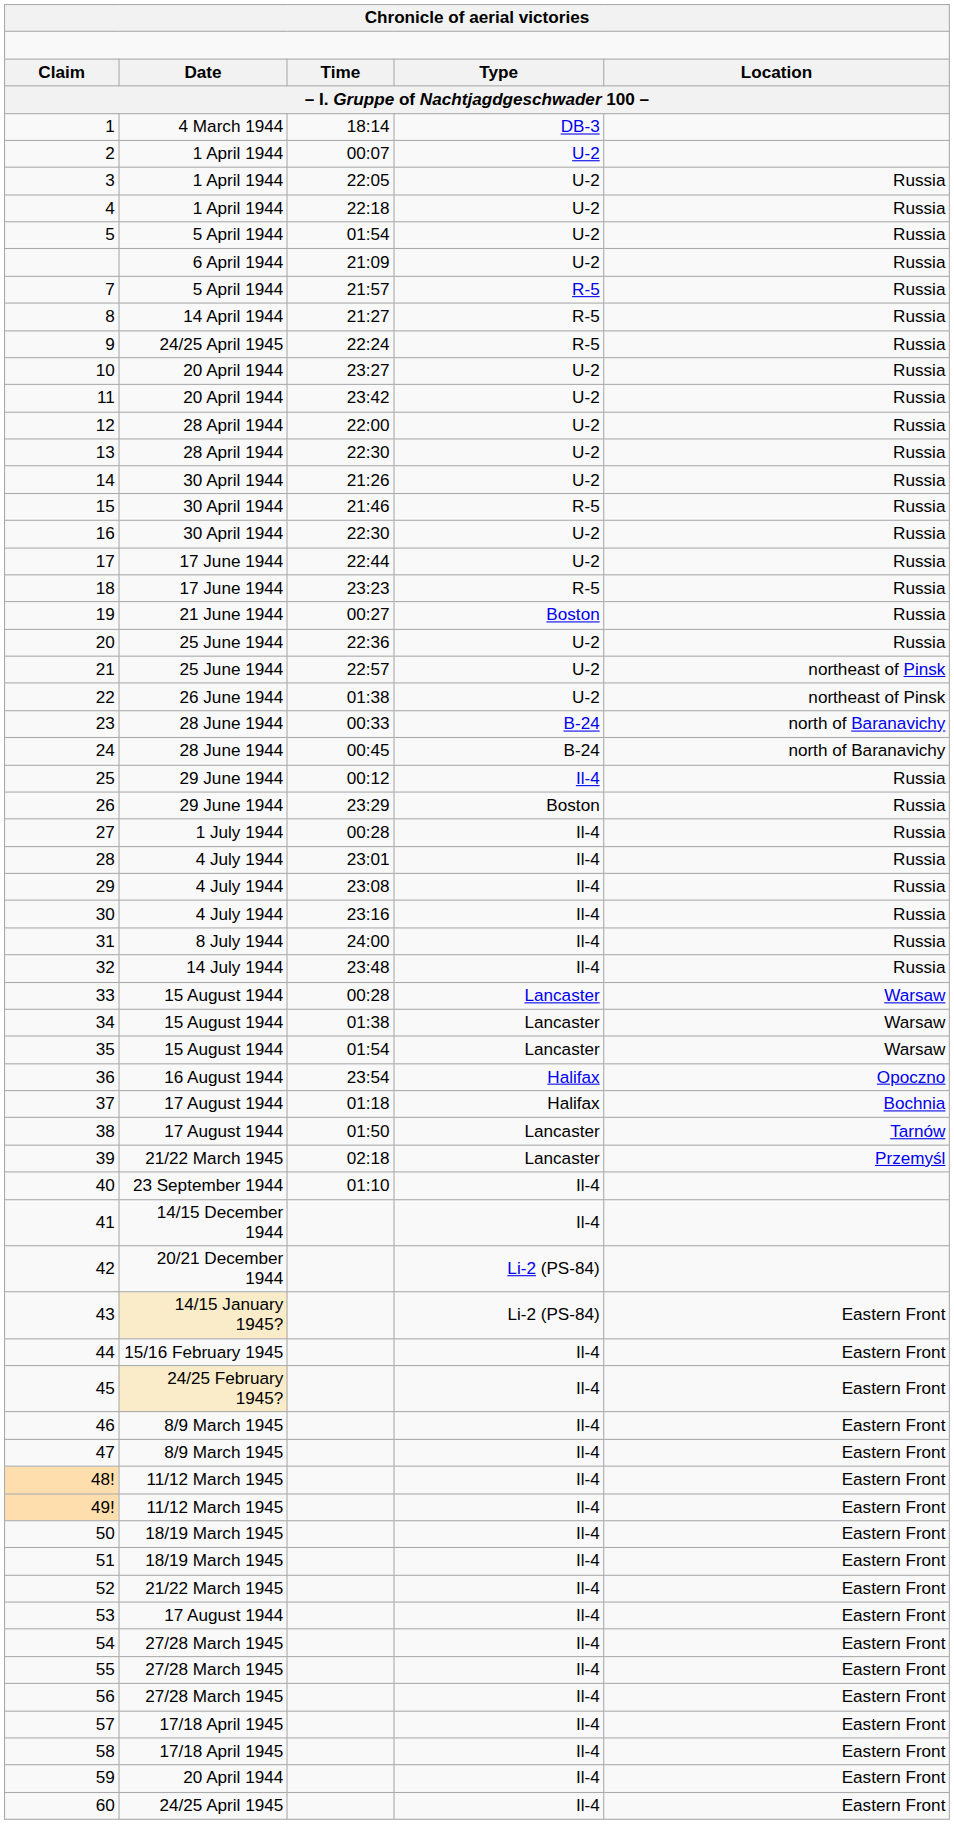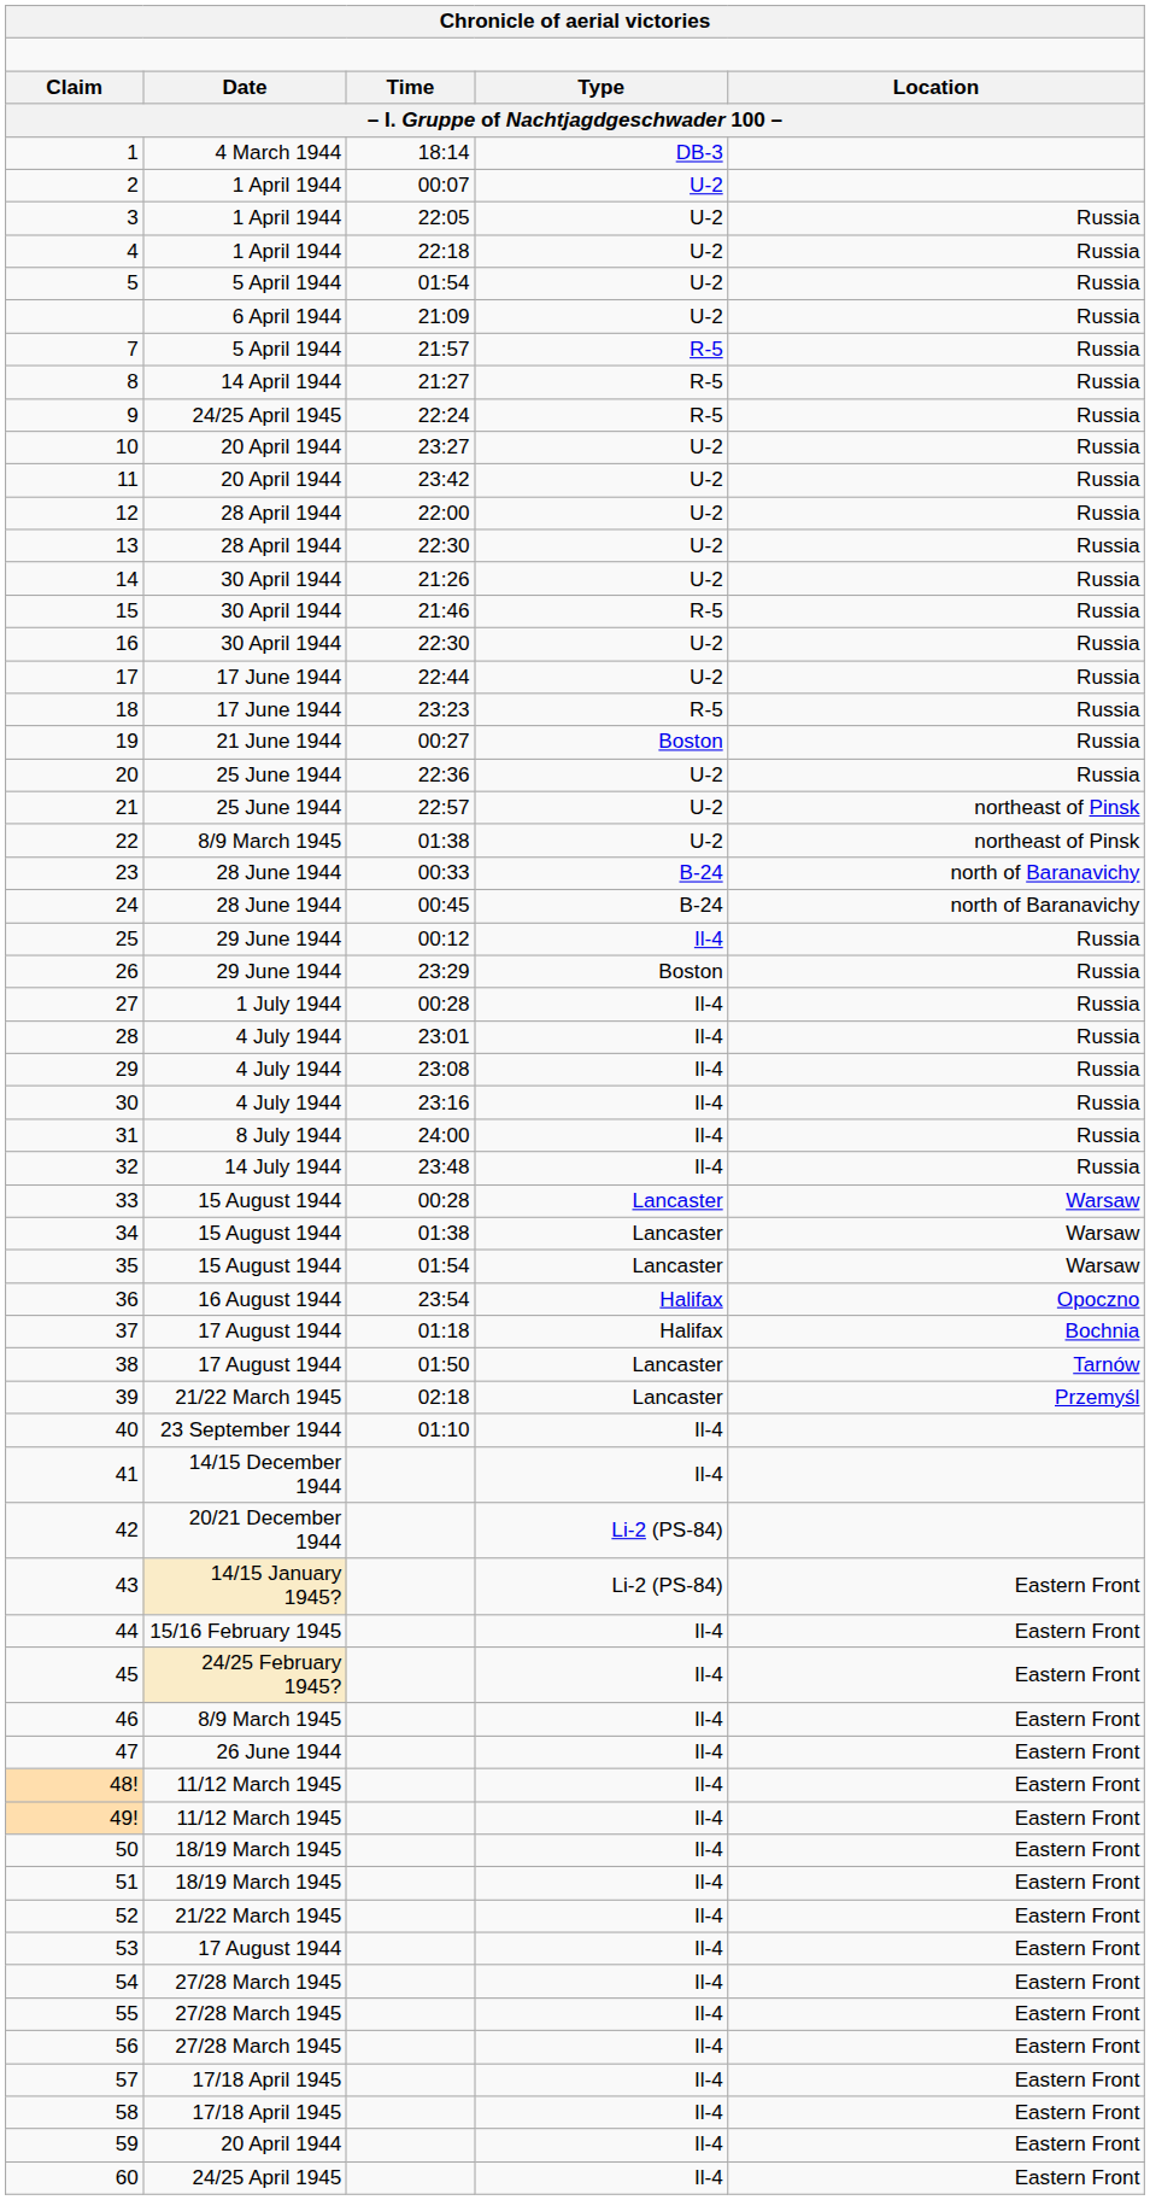 <table class="wikitable plainrowheaders collapsible" style="margin-left: auto; margin-right: auto; border: none; text-align:right; width: 100%;">
 <tr>
 <th colspan="5">Chronicle of aerial victories</th>
 </tr>
 <tr>
 <td colspan="5" style="text-align: left;"><br> </td>
 </tr>
 <tr>
 <th scope="col">Claim</th>
 <th scope="col" style="width:150px">Date</th>
 <th scope="col">Time</th>
 <th scope="col">Type</th>
 <th scope="col">Location</th>
 </tr>
 <tr>
 <th colspan="5">– I. <em>Gruppe</em> of <em>Nachtjagdgeschwader</em> 100 –</th>
 </tr>
 <tr>
 <td>1</td>
 <td>4 March 1944</td>
 <td>18:14</td>
 <td><a href='#'>DB-3</a></td>
 <td></td>
 </tr>
 <tr>
 <td>2</td>
 <td>1 April 1944</td>
 <td>00:07</td>
 <td><a href='#'>U-2</a></td>
 <td></td>
 </tr>
 <tr>
 <td>3</td>
 <td>1 April 1944</td>
 <td>22:05</td>
 <td>U-2</td>
 <td>Russia</td>
 </tr>
 <tr>
 <td>4</td>
 <td>1 April 1944</td>
 <td>22:18</td>
 <td>U-2</td>
 <td>Russia</td>
 </tr>
 <tr>
 <td>5</td>
 <td>5 April 1944</td>
 <td>01:54</td>
 <td>U-2</td>
 <td>Russia</td>
 </tr>
 <tr>
 <td></td>
 <td>6 April 1944</td>
 <td>21:09</td>
 <td>U-2</td>
 <td>Russia</td>
 </tr>
 <tr>
 <td>7</td>
 <td>5 April 1944</td>
 <td>21:57</td>
 <td><a href='#'>R-5</a></td>
 <td>Russia</td>
 </tr>
 <tr>
 <td>8</td>
 <td>14 April 1944</td>
 <td>21:27</td>
 <td>R-5</td>
 <td>Russia</td>
 </tr>
 <tr>
 <td>9</td>
 <td>24/25 April 1945</td>
 <td>22:24</td>
 <td>R-5</td>
 <td>Russia</td>
 </tr>
 <tr>
 <td>10</td>
 <td>20 April 1944</td>
 <td>23:27</td>
 <td>U-2</td>
 <td>Russia</td>
 </tr>
 <tr>
 <td>11</td>
 <td>20 April 1944</td>
 <td>23:42</td>
 <td>U-2</td>
 <td>Russia</td>
 </tr>
 <tr>
 <td>12</td>
 <td>28 April 1944</td>
 <td>22:00</td>
 <td>U-2</td>
 <td>Russia</td>
 </tr>
 <tr>
 <td>13</td>
 <td>28 April 1944</td>
 <td>22:30</td>
 <td>U-2</td>
 <td>Russia</td>
 </tr>
 <tr>
 <td>14</td>
 <td>30 April 1944</td>
 <td>21:26</td>
 <td>U-2</td>
 <td>Russia</td>
 </tr>
 <tr>
 <td>15</td>
 <td>30 April 1944</td>
 <td>21:46</td>
 <td>R-5</td>
 <td>Russia</td>
 </tr>
 <tr>
 <td>16</td>
 <td>30 April 1944</td>
 <td>22:30</td>
 <td>U-2</td>
 <td>Russia</td>
 </tr>
 <tr>
 <td>17</td>
 <td>17 June 1944</td>
 <td>22:44</td>
 <td>U-2</td>
 <td>Russia</td>
 </tr>
 <tr>
 <td>18</td>
 <td>17 June 1944</td>
 <td>23:23</td>
 <td>R-5</td>
 <td>Russia</td>
 </tr>
 <tr>
 <td>19</td>
 <td>21 June 1944</td>
 <td>00:27</td>
 <td><a href='#'>Boston</a></td>
 <td>Russia</td>
 </tr>
 <tr>
 <td>20</td>
 <td>25 June 1944</td>
 <td>22:36</td>
 <td>U-2</td>
 <td>Russia</td>
 </tr>
 <tr>
 <td>21</td>
 <td>25 June 1944</td>
 <td>22:57</td>
 <td>U-2</td>
 <td> northeast of <a href='#'>Pinsk</a></td>
 </tr>
 <tr>
 <td>22</td>
-<td>26 June 1944</td>
+<td>8/9 March 1945</td>
 <td>01:38</td>
 <td>U-2</td>
 <td>northeast of Pinsk</td>
 </tr>
 <tr>
 <td>23</td>
 <td>28 June 1944</td>
 <td>00:33</td>
 <td><a href='#'>B-24</a></td>
 <td>north of <a href='#'>Baranavichy</a></td>
 </tr>
 <tr>
 <td>24</td>
 <td>28 June 1944</td>
 <td>00:45</td>
 <td>B-24</td>
 <td>north of Baranavichy</td>
 </tr>
 <tr>
 <td>25</td>
 <td>29 June 1944</td>
 <td>00:12</td>
 <td><a href='#'>Il-4</a></td>
 <td>Russia</td>
 </tr>
 <tr>
 <td>26</td>
 <td>29 June 1944</td>
 <td>23:29</td>
 <td>Boston</td>
 <td>Russia</td>
 </tr>
 <tr>
 <td>27</td>
 <td>1 July 1944</td>
 <td>00:28</td>
 <td>Il-4</td>
 <td>Russia</td>
 </tr>
 <tr>
 <td>28</td>
 <td>4 July 1944</td>
 <td>23:01</td>
 <td>Il-4</td>
 <td>Russia</td>
 </tr>
 <tr>
 <td>29</td>
 <td>4 July 1944</td>
 <td>23:08</td>
 <td>Il-4</td>
 <td>Russia</td>
 </tr>
 <tr>
 <td>30</td>
 <td>4 July 1944</td>
 <td>23:16</td>
 <td>Il-4</td>
 <td>Russia</td>
 </tr>
 <tr>
 <td>31</td>
 <td>8 July 1944</td>
 <td>24:00</td>
 <td>Il-4</td>
 <td>Russia</td>
 </tr>
 <tr>
 <td>32</td>
 <td>14 July 1944</td>
 <td>23:48</td>
 <td>Il-4</td>
 <td>Russia</td>
 </tr>
 <tr>
 <td>33</td>
 <td>15 August 1944</td>
 <td>00:28</td>
 <td><a href='#'>Lancaster</a></td>
 <td><a href='#'>Warsaw</a></td>
 </tr>
 <tr>
 <td>34</td>
 <td>15 August 1944</td>
 <td>01:38</td>
 <td>Lancaster</td>
 <td>Warsaw</td>
 </tr>
 <tr>
 <td>35</td>
 <td>15 August 1944</td>
 <td>01:54</td>
 <td>Lancaster</td>
 <td>Warsaw</td>
 </tr>
 <tr>
 <td>36</td>
 <td>16 August 1944</td>
 <td>23:54</td>
 <td><a href='#'>Halifax</a></td>
 <td><a href='#'>Opoczno</a></td>
 </tr>
 <tr>
 <td>37</td>
 <td>17 August 1944</td>
 <td>01:18</td>
 <td>Halifax</td>
 <td><a href='#'>Bochnia</a></td>
 </tr>
 <tr>
 <td>38</td>
 <td>17 August 1944</td>
 <td>01:50</td>
 <td>Lancaster</td>
 <td><a href='#'>Tarnów</a></td>
 </tr>
 <tr>
 <td>39</td>
 <td>21/22 March 1945</td>
 <td>02:18</td>
 <td>Lancaster</td>
 <td><a href='#'>Przemyśl</a></td>
 </tr>
 <tr>
 <td>40</td>
 <td>23 September 1944</td>
 <td>01:10</td>
 <td>Il-4</td>
 <td></td>
 </tr>
 <tr>
 <td>41</td>
 <td>14/15 December 1944</td>
 <td></td>
 <td>Il-4</td>
 <td></td>
 </tr>
 <tr>
 <td>42</td>
 <td>20/21 December 1944</td>
 <td></td>
 <td><a href='#'>Li-2</a> (PS-84)</td>
 <td></td>
 </tr>
 <tr>
 <td>43</td>
 <td style="background:#faecc8">14/15 January 1945?</td>
 <td></td>
 <td>Li-2 (PS-84)</td>
 <td>Eastern Front</td>
 </tr>
 <tr>
 <td>44</td>
 <td>15/16 February 1945</td>
 <td></td>
 <td>Il-4</td>
 <td>Eastern Front</td>
 </tr>
 <tr>
 <td>45</td>
 <td style="background:#faecc8">24/25 February 1945?</td>
 <td></td>
 <td>Il-4</td>
 <td>Eastern Front</td>
 </tr>
 <tr>
 <td>46</td>
 <td>8/9 March 1945</td>
 <td></td>
 <td>Il-4</td>
 <td>Eastern Front</td>
 </tr>
 <tr>
 <td>47</td>
-<td>8/9 March 1945</td>
+<td>26 June 1944</td>
 <td></td>
 <td>Il-4</td>
 <td>Eastern Front</td>
 </tr>
 <tr>
 <td style="background:#ffdead">48!</td>
 <td>11/12 March 1945</td>
 <td></td>
 <td>Il-4</td>
 <td>Eastern Front</td>
 </tr>
 <tr>
 <td style="background:#ffdead">49!</td>
 <td>11/12 March 1945</td>
 <td></td>
 <td>Il-4</td>
 <td>Eastern Front</td>
 </tr>
 <tr>
 <td>50</td>
 <td>18/19 March 1945</td>
 <td></td>
 <td>Il-4</td>
 <td>Eastern Front</td>
 </tr>
 <tr>
 <td>51</td>
 <td>18/19 March 1945</td>
 <td></td>
 <td>Il-4</td>
 <td>Eastern Front</td>
 </tr>
 <tr>
 <td>52</td>
 <td>21/22 March 1945</td>
 <td></td>
 <td>Il-4</td>
 <td>Eastern Front</td>
 </tr>
 <tr>
 <td>53</td>
 <td>17 August 1944</td>
 <td></td>
 <td>Il-4</td>
 <td>Eastern Front</td>
 </tr>
 <tr>
 <td>54</td>
 <td>27/28 March 1945</td>
 <td></td>
 <td>Il-4</td>
 <td>Eastern Front</td>
 </tr>
 <tr>
 <td>55</td>
 <td>27/28 March 1945</td>
 <td></td>
 <td>Il-4</td>
 <td>Eastern Front</td>
 </tr>
 <tr>
 <td>56</td>
 <td>27/28 March 1945</td>
 <td></td>
 <td>Il-4</td>
 <td>Eastern Front</td>
 </tr>
 <tr>
 <td>57</td>
 <td>17/18 April 1945</td>
 <td></td>
 <td>Il-4</td>
 <td>Eastern Front</td>
 </tr>
 <tr>
 <td>58</td>
 <td>17/18 April 1945</td>
 <td></td>
 <td>Il-4</td>
 <td>Eastern Front</td>
 </tr>
 <tr>
 <td>59</td>
 <td>20 April 1944</td>
 <td></td>
 <td>Il-4</td>
 <td>Eastern Front</td>
 </tr>
 <tr>
 <td>60</td>
 <td>24/25 April 1945</td>
 <td></td>
 <td>Il-4</td>
 <td>Eastern Front</td>
 </tr>
 </table>
